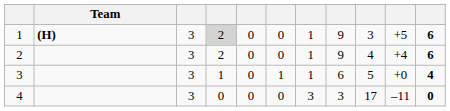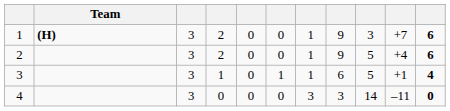 <table class="wikitable" style="text-align: center; font-size: 100%;">
 <tr>
 <th width="30"></th>
 <th width="170">Team</th>
 <th width="30"></th>
 <th width="30"></th>
 <th width="30"></th>
 <th width="30"></th>
 <th width="30"></th>
 <th width="30"></th>
 <th width="30"></th>
 <th width="30"></th>
 <th width="30"></th>
 </tr>
 <tr>
 <td>1</td>
 <td align="left"> <strong>(H)</strong></td>
 <td>3</td>
-<td style="background: lightgrey;">2</td>
+<td>2</td>
 <td>0</td>
 <td>0</td>
 <td>1</td>
 <td>9</td>
 <td>3</td>
-<td>+5</td>
+<td>+7</td>
 <td><strong>6</strong></td>
 </tr>
 <tr>
 <td>2</td>
 <td align="left"></td>
 <td>3</td>
 <td>2</td>
 <td>0</td>
 <td>0</td>
 <td>1</td>
 <td>9</td>
-<td>4</td>
+<td>5</td>
 <td>+4</td>
 <td><strong>6</strong></td>
 </tr>
 <tr>
 <td>3</td>
 <td align="left"></td>
 <td>3</td>
 <td>1</td>
 <td>0</td>
 <td>1</td>
 <td>1</td>
 <td>6</td>
 <td>5</td>
-<td>+0</td>
+<td>+1</td>
 <td><strong>4</strong></td>
 </tr>
 <tr>
 <td>4</td>
 <td align="left"></td>
 <td>3</td>
 <td>0</td>
 <td>0</td>
 <td>0</td>
 <td>3</td>
 <td>3</td>
-<td>17</td>
+<td>14</td>
 <td>–11</td>
 <td><strong>0</strong></td>
 </tr>
 </table>
